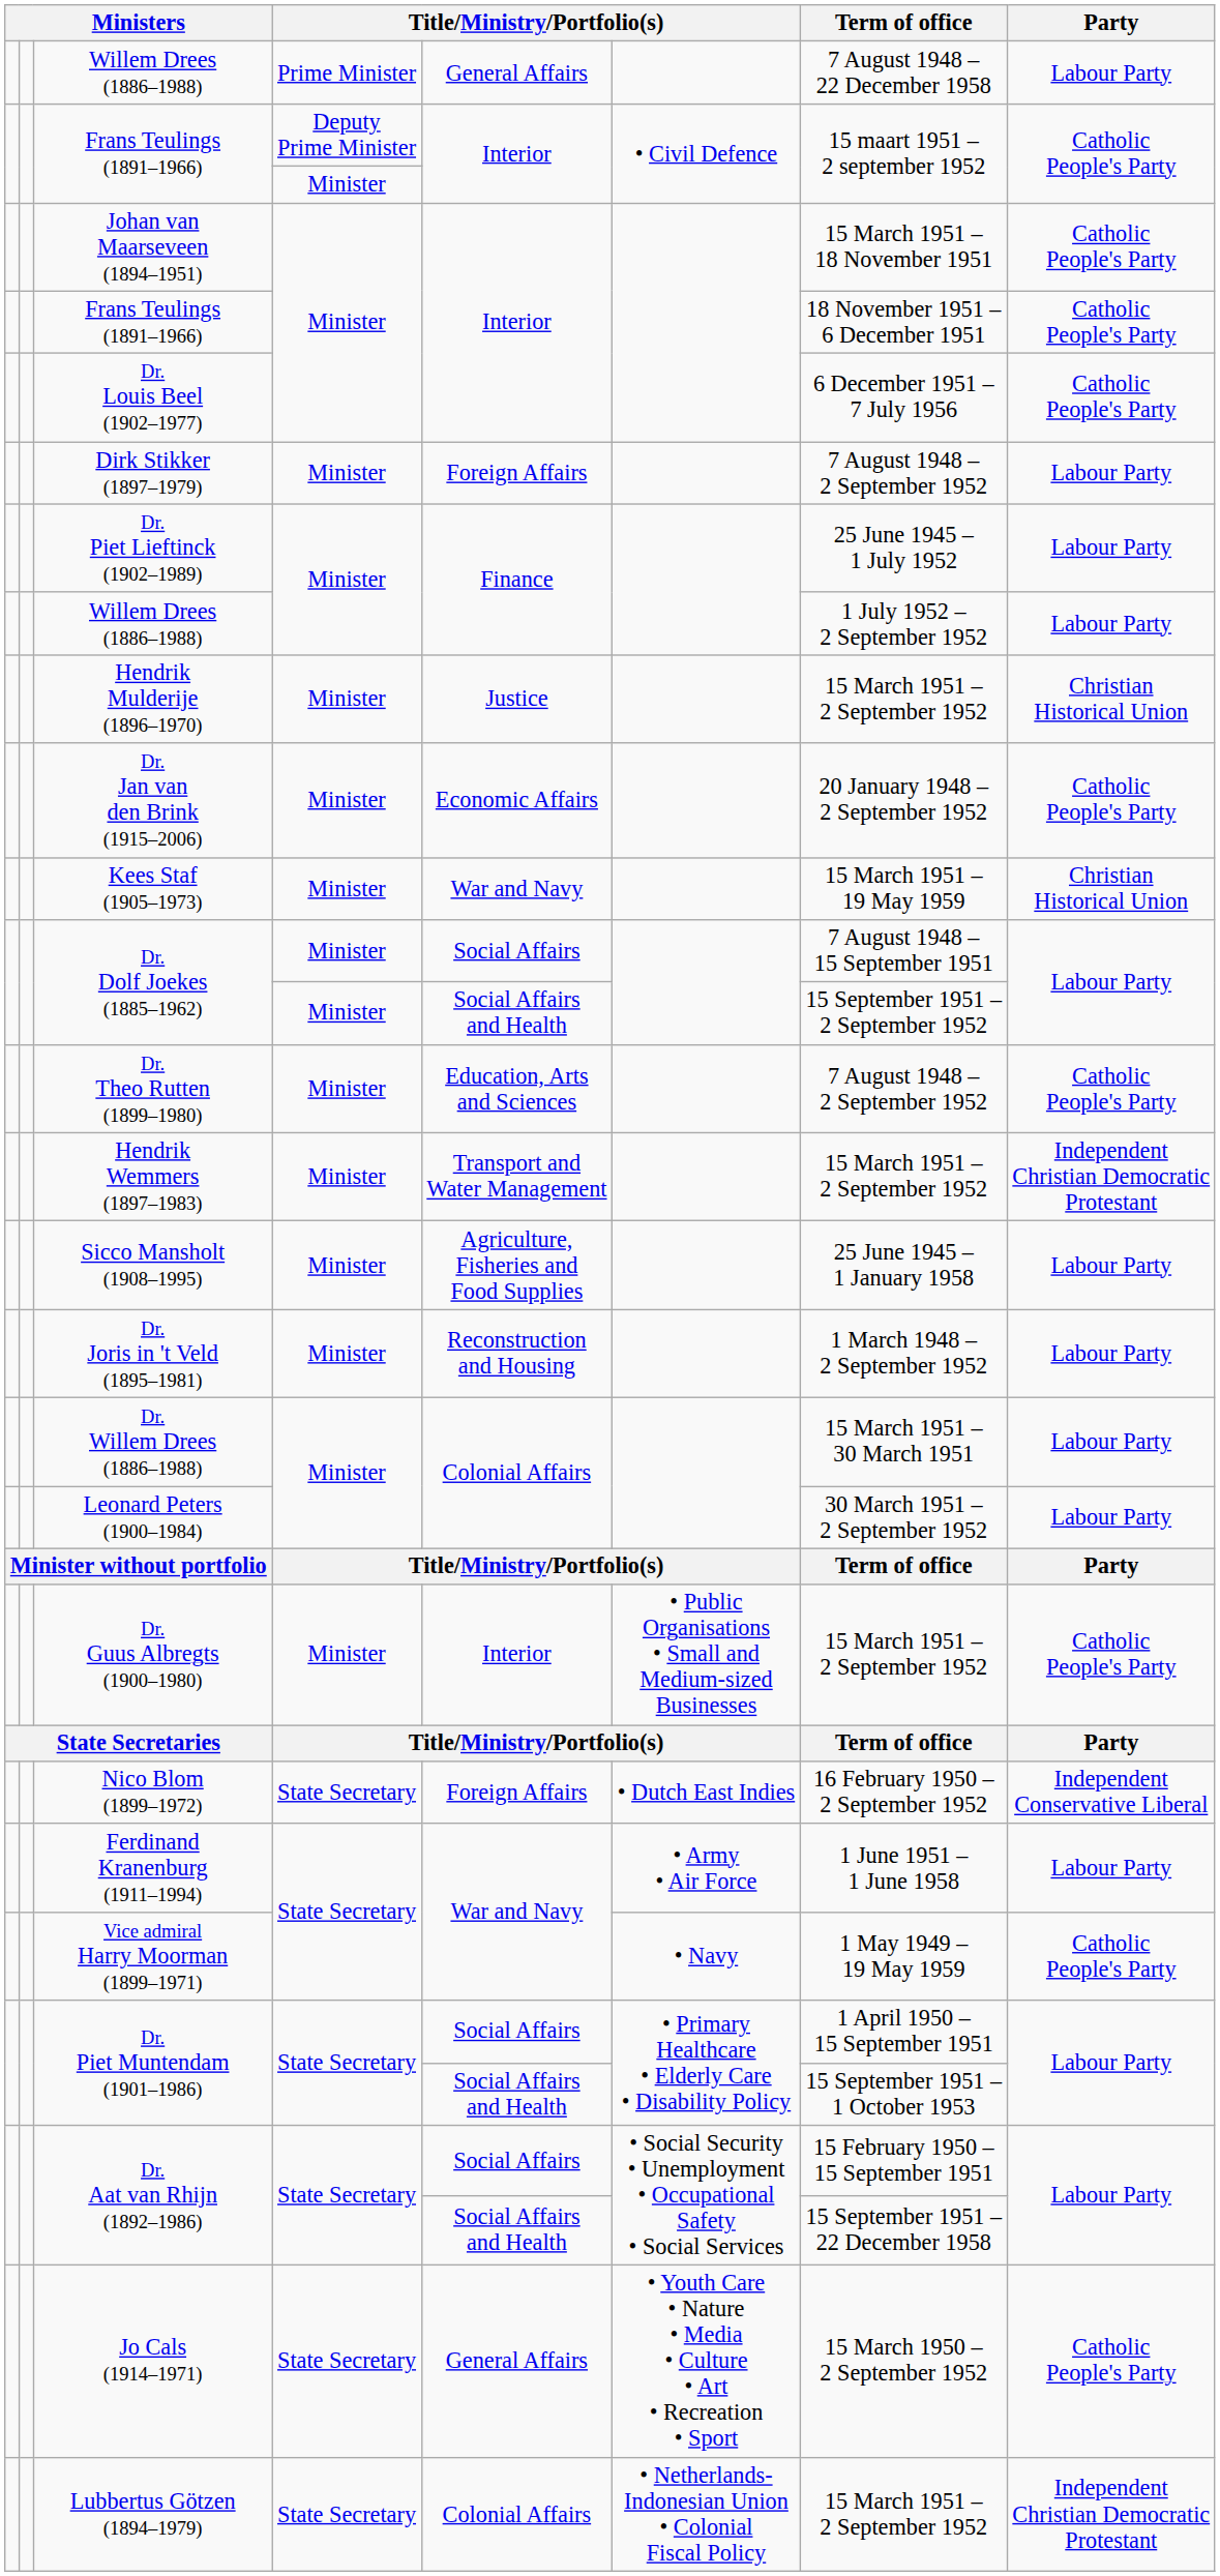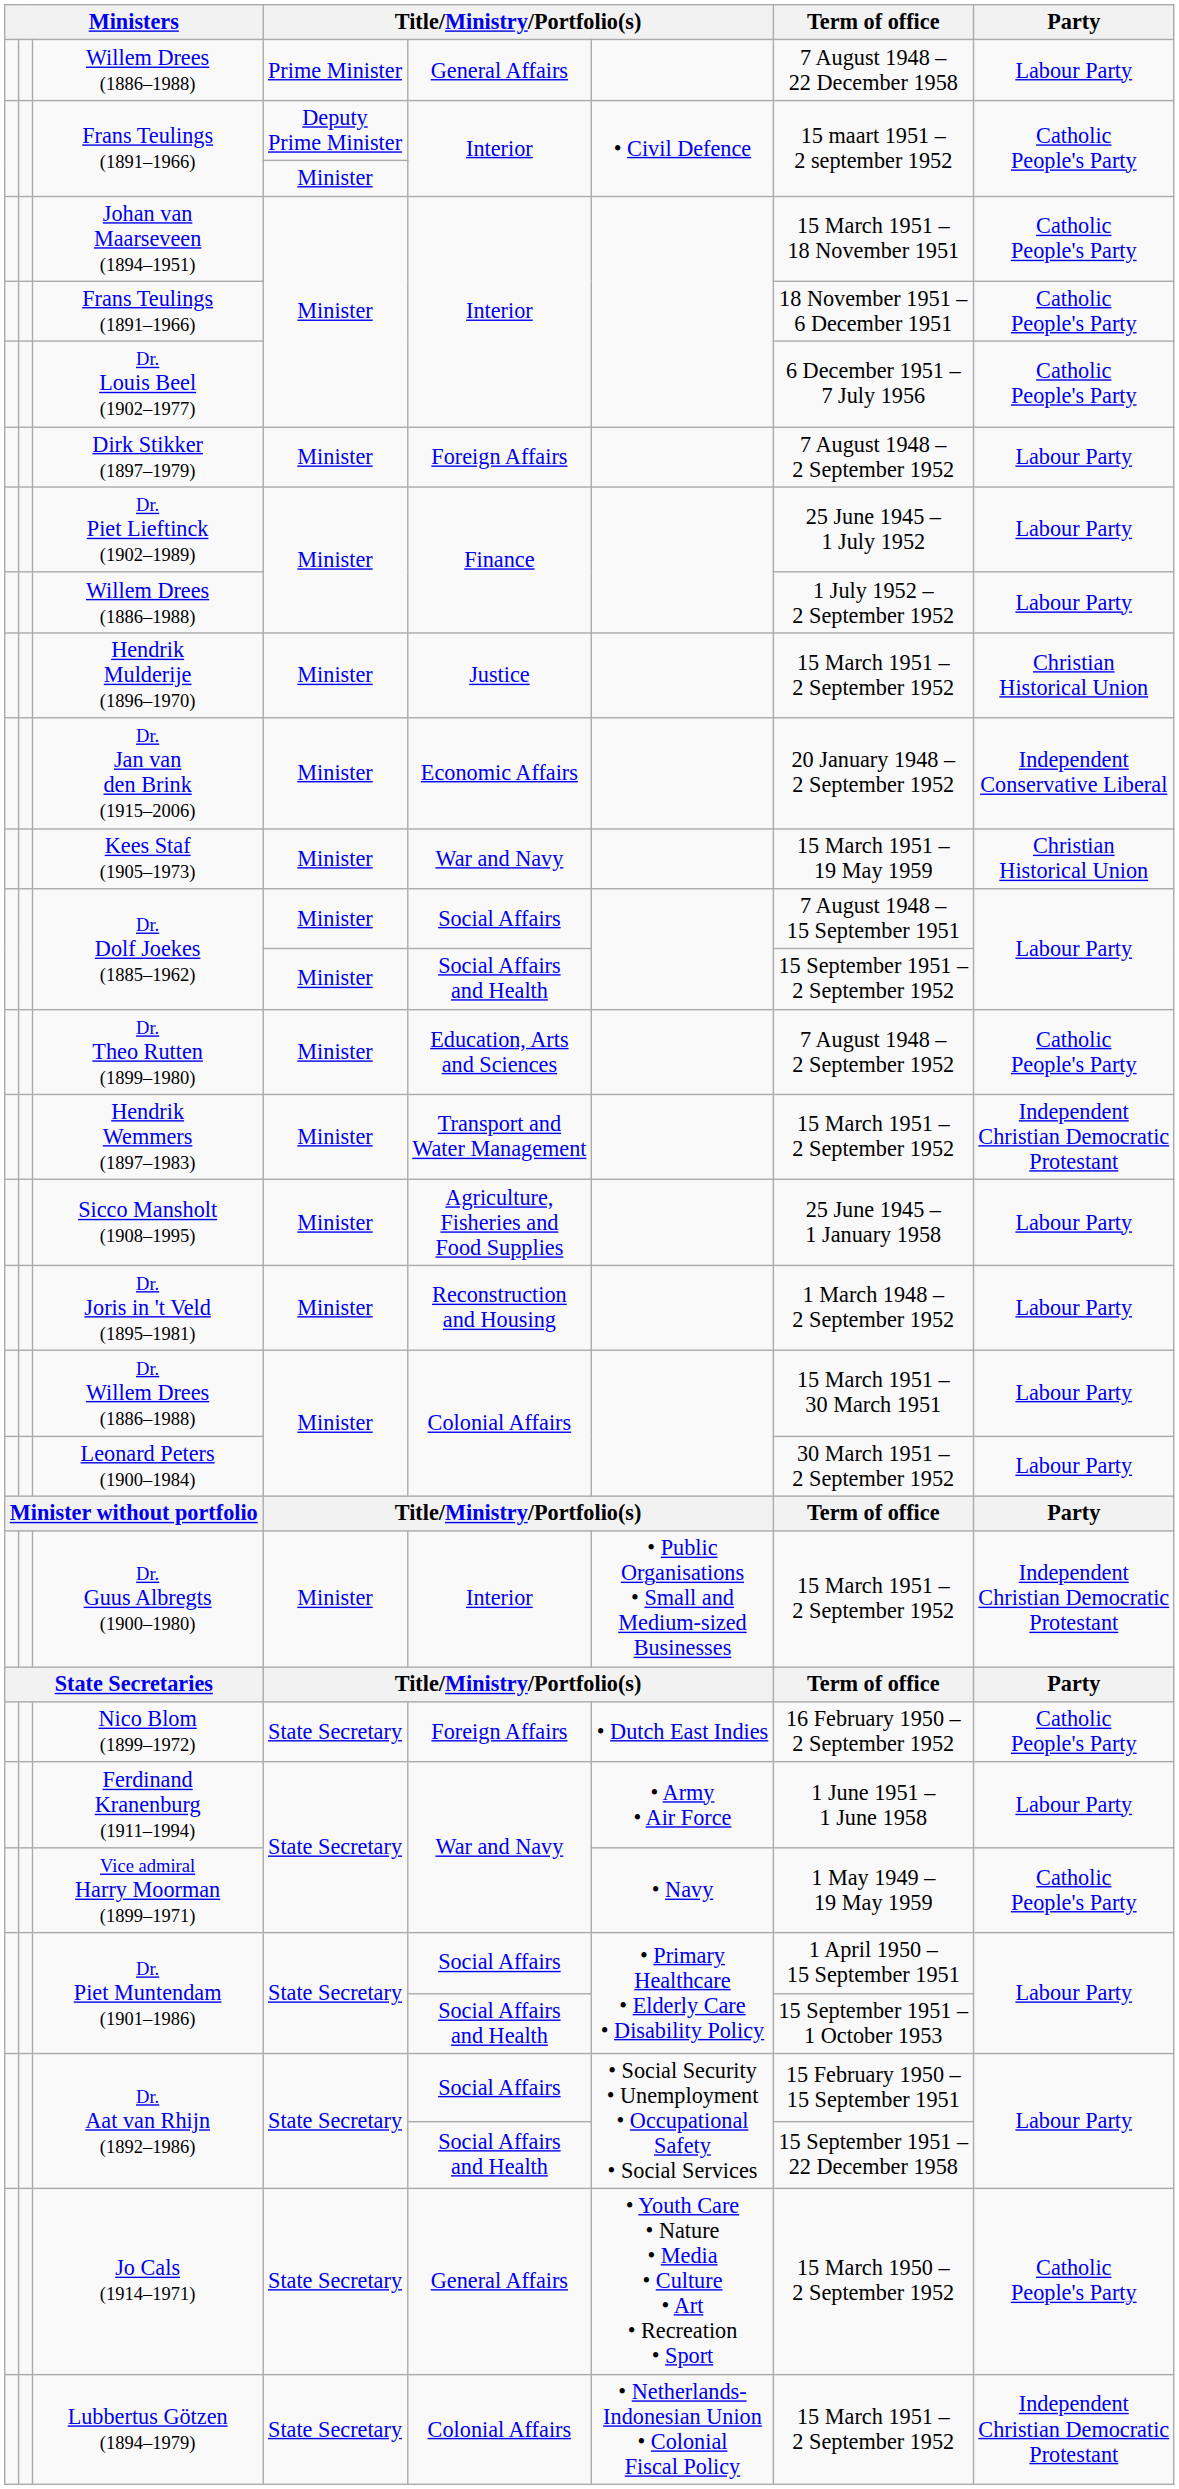 <table class="wikitable" style="text-align:center">
 <tr>
 <th colspan=3><a href='#'>Ministers</a></th>
 <th colspan=3>Title/<a href='#'>Ministry</a>/Portfolio(s)</th>
 <th>Term of office</th>
 <th>Party</th>
 </tr>
 <tr>
 <td style="background:"></td>
 <td></td>
 <td><a href='#'>Willem Drees</a> <br> <small>(1886–1988)</small></td>
 <td><a href='#'>Prime Minister</a></td>
 <td><a href='#'>General Affairs</a></td>
 <td></td>
 <td>7 August 1948 – <br> 22 December 1958 <br>  </td>
 <td><a href='#'>Labour Party</a></td>
 </tr>
 <tr>
 <td rowspan=2 style="background:"></td>
 <td rowspan=2></td>
 <td rowspan=2><a href='#'>Frans Teulings</a> <br> <small>(1891–1966)</small></td>
 <td><a href='#'>Deputy <br> Prime Minister</a></td>
 <td rowspan=2><a href='#'>Interior</a></td>
 <td rowspan=2>• <a href='#'>Civil Defence</a></td>
 <td rowspan=2>15 maart 1951 – <br> 2 september 1952</td>
 <td rowspan=2><a href='#'>Catholic <br> People's Party</a></td>
 </tr>
 <tr>
 <td><a href='#'>Minister</a></td>
 </tr>
 <tr>
 <td style="background:"></td>
 <td></td>
 <td><a href='#'>Johan van <br> Maarseveen</a> <br> <small>(1894–1951)</small></td>
 <td rowspan=3><a href='#'>Minister</a></td>
 <td rowspan=3><a href='#'>Interior</a></td>
 <td rowspan=3></td>
 <td>15 March 1951 – <br> 18 November 1951 <br> </td>
 <td><a href='#'>Catholic <br> People's Party</a></td>
 </tr>
 <tr>
 <td style="background:"></td>
 <td></td>
 <td><a href='#'>Frans Teulings</a> <br> <small>(1891–1966)</small></td>
 <td>18 November 1951 – <br> 6 December 1951 <br> </td>
 <td><a href='#'>Catholic <br> People's Party</a></td>
 </tr>
 <tr>
 <td style="background:"></td>
 <td></td>
 <td><small><a href='#'>Dr.</a></small> <br> <a href='#'>Louis Beel</a> <br> <small>(1902–1977)</small></td>
 <td>6 December 1951 – <br> 7 July 1956 <br> </td>
 <td><a href='#'>Catholic <br> People's Party</a></td>
 </tr>
 <tr>
 <td style="background:"></td>
 <td></td>
 <td><a href='#'>Dirk Stikker</a> <br> <small>(1897–1979)</small></td>
 <td><a href='#'>Minister</a></td>
 <td><a href='#'>Foreign Affairs</a></td>
 <td></td>
 <td>7 August 1948 – <br> 2 September 1952 <br> </td>
 <td><a href='#'>Labour Party</a></td>
 </tr>
 <tr>
 <td style="background:"></td>
 <td></td>
 <td><small><a href='#'>Dr.</a></small> <br> <a href='#'>Piet Lieftinck</a> <br> <small>(1902–1989)</small></td>
 <td rowspan=2><a href='#'>Minister</a></td>
 <td rowspan=2><a href='#'>Finance</a></td>
 <td rowspan=2></td>
 <td>25 June 1945 – <br> 1 July 1952 <br>  </td>
 <td><a href='#'>Labour Party</a></td>
 </tr>
 <tr>
 <td style="background:"></td>
 <td></td>
 <td><a href='#'>Willem Drees</a> <br> <small>(1886–1988)</small></td>
 <td>1 July 1952 – <br> 2 September 1952 <br> </td>
 <td><a href='#'>Labour Party</a></td>
 </tr>
 <tr>
 <td style="background:"></td>
 <td></td>
 <td><a href='#'>Hendrik <br> Mulderije</a> <br> <small>(1896–1970)</small></td>
 <td><a href='#'>Minister</a></td>
 <td><a href='#'>Justice</a></td>
 <td></td>
 <td>15 March 1951 – <br> 2 September 1952</td>
 <td><a href='#'>Christian <br> Historical Union</a></td>
 </tr>
 <tr>
 <td style="background:"></td>
 <td></td>
 <td><small><a href='#'>Dr.</a></small> <br> <a href='#'>Jan van <br> den Brink</a> <br> <small>(1915–2006)</small></td>
 <td><a href='#'>Minister</a></td>
 <td><a href='#'>Economic Affairs</a></td>
 <td></td>
 <td>20 January 1948 – <br> 2 September 1952 <br> </td>
-<td><a href='#'>Catholic <br> People's Party</a></td>
+<td><a href='#'>Independent</a> <br> <a href='#'>Conservative Liberal</a></td>
 </tr>
 <tr>
 <td style="background:"></td>
 <td></td>
 <td><a href='#'>Kees Staf</a> <br> <small>(1905–1973)</small></td>
 <td><a href='#'>Minister</a></td>
 <td><a href='#'>War and Navy</a></td>
 <td></td>
 <td>15 March 1951 – <br> 19 May 1959 <br> </td>
 <td><a href='#'>Christian <br> Historical Union</a></td>
 </tr>
 <tr>
 <td rowspan=2 style="background:"></td>
 <td rowspan=2></td>
 <td rowspan=2><small><a href='#'>Dr.</a></small> <br> <a href='#'>Dolf Joekes</a> <br> <small>(1885–1962)</small></td>
 <td><a href='#'>Minister</a></td>
 <td><a href='#'>Social Affairs</a></td>
 <td rowspan=2></td>
 <td>7 August 1948 – <br> 15 September 1951 <br> </td>
 <td rowspan=2><a href='#'>Labour Party</a></td>
 </tr>
 <tr>
 <td><a href='#'>Minister</a></td>
 <td><a href='#'>Social Affairs</a> <br> <a href='#'>and Health</a></td>
 <td>15 September 1951 – <br> 2 September 1952</td>
 </tr>
 <tr>
 <td style="background:"></td>
 <td></td>
 <td><small><a href='#'>Dr.</a></small> <br> <a href='#'>Theo Rutten</a> <br> <small>(1899–1980)</small></td>
 <td><a href='#'>Minister</a></td>
 <td><a href='#'>Education, Arts <br> and Sciences</a></td>
 <td></td>
 <td>7 August 1948 – <br> 2 September 1952 <br> </td>
 <td><a href='#'>Catholic <br> People's Party</a></td>
 </tr>
 <tr>
 <td style="background:"></td>
 <td></td>
 <td><a href='#'>Hendrik <br> Wemmers</a> <br> <small>(1897–1983)</small></td>
 <td><a href='#'>Minister</a></td>
 <td><a href='#'>Transport and <br> Water Management</a></td>
 <td></td>
 <td>15 March 1951 – <br> 2 September 1952</td>
 <td><a href='#'>Independent</a> <br> <a href='#'>Christian Democratic <br> Protestant</a></td>
 </tr>
 <tr>
 <td style="background:"></td>
 <td></td>
 <td><a href='#'>Sicco Mansholt</a> <br> <small>(1908–1995)</small></td>
 <td><a href='#'>Minister</a></td>
 <td><a href='#'>Agriculture, <br> Fisheries and <br> Food Supplies</a></td>
 <td></td>
 <td>25 June 1945 – <br> 1 January 1958 <br>  </td>
 <td><a href='#'>Labour Party</a></td>
 </tr>
 <tr>
 <td style="background:"></td>
 <td></td>
 <td><small><a href='#'>Dr.</a></small> <br> <a href='#'>Joris in 't Veld</a> <br> <small>(1895–1981)</small></td>
 <td><a href='#'>Minister</a></td>
 <td><a href='#'>Reconstruction <br> and Housing</a></td>
 <td></td>
 <td>1 March 1948 – <br> 2 September 1952 <br> </td>
 <td><a href='#'>Labour Party</a></td>
 </tr>
 <tr>
 <td style="background:"></td>
 <td></td>
 <td><small><a href='#'>Dr.</a></small> <br> <a href='#'>Willem Drees</a> <br> <small>(1886–1988)</small></td>
 <td rowspan=2><a href='#'>Minister</a></td>
 <td rowspan=2><a href='#'>Colonial Affairs</a></td>
 <td rowspan=2></td>
 <td>15 March 1951 – <br> 30 March 1951 <br> </td>
 <td><a href='#'>Labour Party</a></td>
 </tr>
 <tr>
 <td style="background:"></td>
 <td></td>
 <td><a href='#'>Leonard Peters</a> <br> <small>(1900–1984)</small></td>
 <td>30 March 1951 – <br> 2 September 1952</td>
 <td><a href='#'>Labour Party</a></td>
 </tr>
 <tr>
 <th colspan=3><a href='#'>Minister without portfolio</a></th>
 <th colspan=3>Title/<a href='#'>Ministry</a>/Portfolio(s)</th>
 <th>Term of office</th>
 <th>Party</th>
 </tr>
 <tr>
 <td style="background:"></td>
 <td></td>
 <td><small><a href='#'>Dr.</a></small> <br> <a href='#'>Guus Albregts</a> <br> <small>(1900–1980)</small></td>
 <td><a href='#'>Minister</a></td>
 <td><a href='#'>Interior</a></td>
 <td>• <a href='#'>Public <br> Organisations</a> <br> • <a href='#'>Small and <br> Medium-sized <br> Businesses</a></td>
 <td>15 March 1951 – <br> 2 September 1952</td>
-<td><a href='#'>Catholic <br> People's Party</a></td>
+<td><a href='#'>Independent</a> <br> <a href='#'>Christian Democratic <br> Protestant</a></td>
 </tr>
 <tr>
 <th colspan=3><a href='#'>State Secretaries</a></th>
 <th colspan=3>Title/<a href='#'>Ministry</a>/Portfolio(s)</th>
 <th>Term of office</th>
 <th>Party</th>
 </tr>
 <tr>
 <td style="background:"></td>
 <td></td>
 <td><a href='#'>Nico Blom</a> <br> <small>(1899–1972)</small></td>
 <td><a href='#'>State Secretary</a></td>
 <td><a href='#'>Foreign Affairs</a></td>
 <td>• <a href='#'>Dutch East Indies</a></td>
 <td>16 February 1950 – <br> 2 September 1952 <br> </td>
-<td><a href='#'>Independent</a> <br> <a href='#'>Conservative Liberal</a></td>
+<td><a href='#'>Catholic <br> People's Party</a></td>
 </tr>
 <tr>
 <td style="background:"></td>
 <td></td>
 <td><a href='#'>Ferdinand <br> Kranenburg</a> <br> <small>(1911–1994)</small></td>
 <td rowspan=2><a href='#'>State Secretary</a></td>
 <td rowspan=2><a href='#'>War and Navy</a></td>
 <td>• <a href='#'>Army</a> <br> • <a href='#'>Air Force</a></td>
 <td>1 June 1951 – <br> 1 June 1958 <br> </td>
 <td><a href='#'>Labour Party</a></td>
 </tr>
 <tr>
 <td style="background:"></td>
 <td></td>
 <td><small><a href='#'>Vice admiral</a></small> <br> <a href='#'>Harry Moorman</a> <br> <small>(1899–1971)</small></td>
 <td>• <a href='#'>Navy</a></td>
 <td>1 May 1949 – <br> 19 May 1959 <br>  </td>
 <td><a href='#'>Catholic <br> People's Party</a></td>
 </tr>
 <tr>
 <td rowspan=2 style="background:"></td>
 <td rowspan=2></td>
 <td rowspan=2><small><a href='#'>Dr.</a></small> <br> <a href='#'>Piet Muntendam</a> <br> <small>(1901–1986)</small></td>
 <td rowspan=2><a href='#'>State Secretary</a></td>
 <td><a href='#'>Social Affairs</a></td>
 <td rowspan=2>• <a href='#'>Primary <br> Healthcare</a> <br> • <a href='#'>Elderly Care</a> <br> • <a href='#'>Disability Policy</a></td>
 <td>1 April 1950 – <br> 15 September 1951 <br> </td>
 <td rowspan=2><a href='#'>Labour Party</a></td>
 </tr>
 <tr>
 <td><a href='#'>Social Affairs</a> <br> <a href='#'>and Health</a></td>
 <td>15 September 1951 – <br> 1 October 1953 <br> </td>
 </tr>
 <tr>
 <td rowspan=2 style="background:"></td>
 <td rowspan=2></td>
 <td rowspan=2><small><a href='#'>Dr.</a></small> <br> <a href='#'>Aat van Rhijn</a> <br> <small>(1892–1986)</small></td>
 <td rowspan=2><a href='#'>State Secretary</a></td>
 <td><a href='#'>Social Affairs</a></td>
 <td rowspan=2>• Social Security <br> • Unemployment <br> • <a href='#'>Occupational <br> Safety</a> <br> • Social Services</td>
 <td>15 February 1950 – <br> 15 September 1951 <br> </td>
 <td rowspan=2><a href='#'>Labour Party</a></td>
 </tr>
 <tr>
 <td><a href='#'>Social Affairs</a> <br> <a href='#'>and Health</a></td>
 <td>15 September 1951 – <br> 22 December 1958 <br> </td>
 </tr>
 <tr>
 <td style="background:"></td>
 <td></td>
 <td><a href='#'>Jo Cals</a> <br> <small>(1914–1971)</small></td>
 <td><a href='#'>State Secretary</a></td>
 <td><a href='#'>General Affairs</a></td>
 <td>• <a href='#'>Youth Care</a> <br> • Nature <br> • <a href='#'>Media</a> <br> • <a href='#'>Culture</a> <br> • <a href='#'>Art</a> <br> • Recreation <br> • <a href='#'>Sport</a></td>
 <td>15 March 1950 – <br> 2 September 1952 <br> </td>
 <td><a href='#'>Catholic <br> People's Party</a></td>
 </tr>
 <tr>
 <td style="background:"></td>
 <td></td>
 <td><a href='#'>Lubbertus Götzen</a> <br> <small>(1894–1979)</small></td>
 <td><a href='#'>State Secretary</a></td>
 <td><a href='#'>Colonial Affairs</a></td>
 <td>• <a href='#'>Netherlands-<br>Indonesian Union</a> <br> • <a href='#'>Colonial <br> Fiscal Policy</a></td>
 <td>15 March 1951 – <br> 2 September 1952</td>
 <td><a href='#'>Independent</a> <br> <a href='#'>Christian Democratic <br> Protestant</a></td>
 </tr>
 <tr>
 </tr>
 </table>
